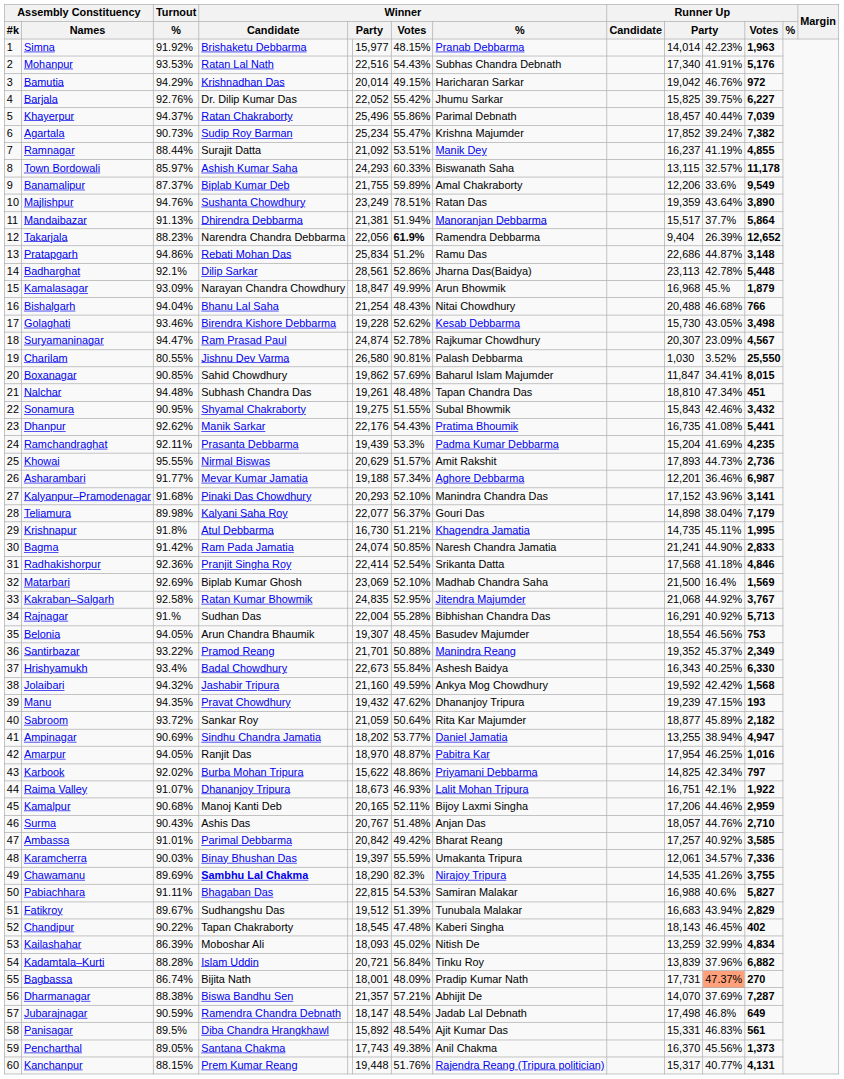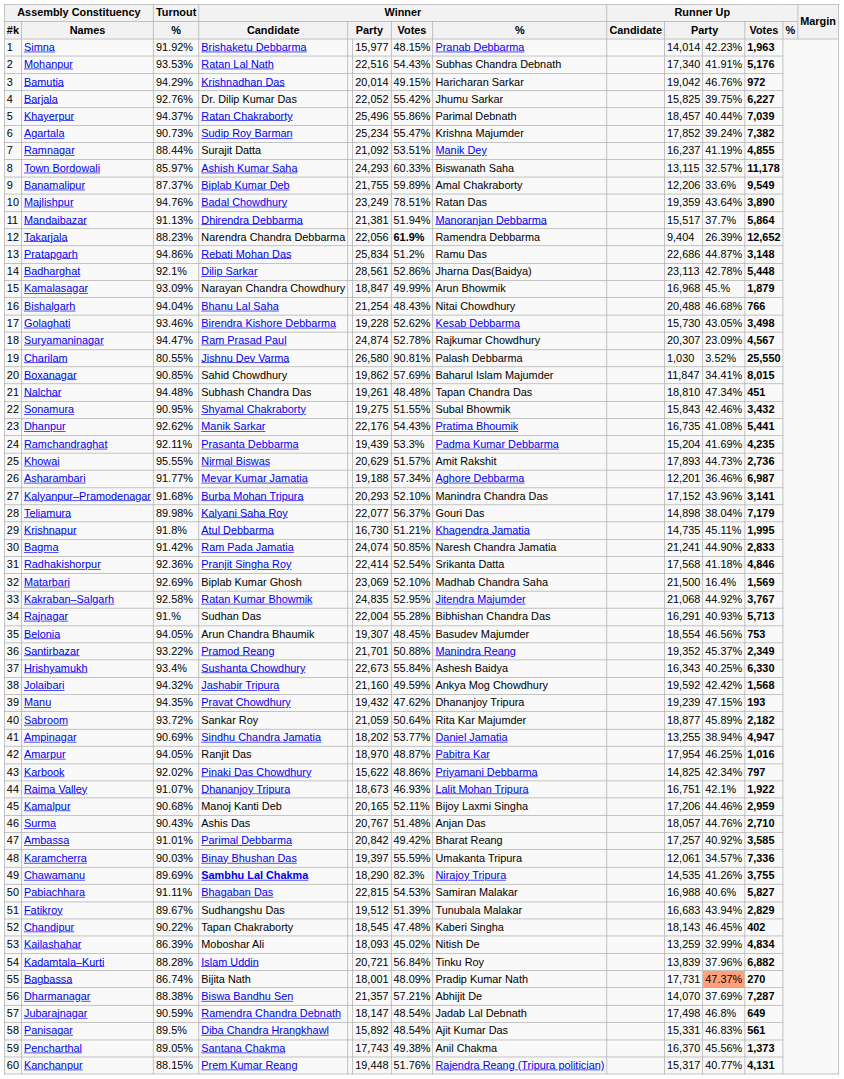 <table class="wikitable sortable">
 <tr>
 <th colspan="2">Assembly Constituency</th>
 <th>Turnout</th>
 <th colspan="5">Winner</th>
 <th colspan="5">Runner Up</th>
 <th rowspan="2" data-sort-type=number>Margin</th>
 </tr>
 <tr>
 <th>#k</th>
 <th>Names</th>
 <th>%</th>
 <th>Candidate</th>
 <th colspan="2">Party</th>
 <th data-sort-type=number>Votes</th>
 <th>%</th>
 <th>Candidate</th>
 <th colspan="2">Party</th>
 <th data-sort-type=number>Votes</th>
 <th>%</th>
 </tr>
 <tr>
 <td>1</td>
 <td><a href='#'>Simna</a></td>
 <td>91.92%</td>
 <td><a href='#'>Brishaketu Debbarma</a></td>
 <td></td>
 <td>15,977</td>
 <td>48.15%</td>
 <td><a href='#'>Pranab Debbarma</a></td>
 <td></td>
 <td>14,014</td>
 <td>42.23%</td>
 <td style="background:"><span><strong>1,963</strong></span></td>
 </tr>
 <tr>
 <td>2</td>
 <td><a href='#'>Mohanpur</a></td>
 <td>93.53%</td>
 <td><a href='#'>Ratan Lal Nath</a></td>
 <td></td>
 <td>22,516</td>
 <td>54.43%</td>
 <td>Subhas Chandra Debnath</td>
 <td></td>
 <td>17,340</td>
 <td>41.91%</td>
 <td style="background:"><span><strong>5,176</strong></span></td>
 </tr>
 <tr>
 <td>3</td>
 <td><a href='#'>Bamutia</a></td>
 <td>94.29%</td>
 <td><a href='#'>Krishnadhan Das</a></td>
 <td></td>
 <td>20,014</td>
 <td>49.15%</td>
 <td>Haricharan Sarkar</td>
 <td></td>
 <td>19,042</td>
 <td>46.76%</td>
 <td style="background:"><span><strong>972</strong></span></td>
 </tr>
 <tr>
 <td>4</td>
 <td><a href='#'>Barjala</a></td>
 <td>92.76%</td>
 <td>Dr. Dilip Kumar Das</td>
 <td></td>
 <td>22,052</td>
 <td>55.42%</td>
 <td>Jhumu Sarkar</td>
 <td></td>
 <td>15,825</td>
 <td>39.75%</td>
 <td style="background:"><span><strong>6,227</strong></span></td>
 </tr>
 <tr>
 <td>5</td>
 <td><a href='#'>Khayerpur</a></td>
 <td>94.37%</td>
 <td><a href='#'>Ratan Chakraborty</a></td>
 <td></td>
 <td>25,496</td>
 <td>55.86%</td>
 <td>Parimal Debnath</td>
 <td></td>
 <td>18,457</td>
 <td>40.44%</td>
 <td style="background:"><span><strong>7,039</strong></span></td>
 </tr>
 <tr>
 <td>6</td>
 <td><a href='#'>Agartala</a></td>
 <td>90.73%</td>
 <td><a href='#'>Sudip Roy Barman</a></td>
 <td></td>
 <td>25,234</td>
 <td>55.47%</td>
 <td>Krishna Majumder</td>
 <td></td>
 <td>17,852</td>
 <td>39.24%</td>
 <td style="background:"><span><strong>7,382</strong></span></td>
 </tr>
 <tr>
 <td>7</td>
 <td><a href='#'>Ramnagar</a></td>
 <td>88.44%</td>
 <td>Surajit Datta</td>
 <td></td>
 <td>21,092</td>
 <td>53.51%</td>
 <td><a href='#'>Manik Dey</a></td>
 <td></td>
 <td>16,237</td>
 <td>41.19%</td>
 <td style="background:"><span><strong>4,855</strong></span></td>
 </tr>
 <tr>
 <td>8</td>
 <td><a href='#'>Town Bordowali</a></td>
 <td>85.97%</td>
 <td><a href='#'>Ashish Kumar Saha</a></td>
 <td></td>
 <td>24,293</td>
 <td>60.33%</td>
 <td>Biswanath Saha</td>
 <td></td>
 <td>13,115</td>
 <td>32.57%</td>
 <td style="background:"><span><strong>11,178</strong></span></td>
 </tr>
 <tr>
 <td>9</td>
 <td><a href='#'>Banamalipur</a></td>
 <td>87.37%</td>
 <td><a href='#'>Biplab Kumar Deb</a></td>
 <td></td>
 <td>21,755</td>
 <td>59.89%</td>
 <td>Amal Chakraborty</td>
 <td></td>
 <td>12,206</td>
 <td>33.6%</td>
 <td style="background:"><span><strong>9,549</strong></span></td>
 </tr>
 <tr>
 <td>10</td>
 <td><a href='#'>Majlishpur</a></td>
 <td>94.76%</td>
-<td><a href='#'>Sushanta Chowdhury</a></td>
+<td><a href='#'>Badal Chowdhury</a></td>
 <td></td>
 <td>23,249</td>
 <td>78.51%</td>
 <td>Ratan Das</td>
 <td></td>
 <td>19,359</td>
 <td>43.64%</td>
 <td style="background:"><span><strong>3,890</strong></span></td>
 </tr>
 <tr>
 <td>11</td>
 <td><a href='#'>Mandaibazar</a></td>
 <td>91.13%</td>
 <td><a href='#'>Dhirendra Debbarma</a></td>
 <td></td>
 <td>21,381</td>
 <td>51.94%</td>
 <td><a href='#'>Manoranjan Debbarma</a></td>
 <td></td>
 <td>15,517</td>
 <td>37.7%</td>
 <td style="background:"><span><strong>5,864</strong></span></td>
 </tr>
 <tr>
 <td>12</td>
 <td><a href='#'>Takarjala</a></td>
 <td>88.23%</td>
 <td>Narendra Chandra Debbarma</td>
 <td></td>
 <td>22,056</td>
 <td><strong>61.9%</strong></td>
 <td>Ramendra Debbarma</td>
 <td></td>
 <td>9,404</td>
 <td>26.39%</td>
 <td style="background:"><span><strong>12,652</strong></span></td>
 </tr>
 <tr>
 <td>13</td>
 <td><a href='#'>Pratapgarh</a></td>
 <td>94.86%</td>
 <td><a href='#'>Rebati Mohan Das</a></td>
 <td></td>
 <td>25,834</td>
 <td>51.2%</td>
 <td>Ramu Das</td>
 <td></td>
 <td>22,686</td>
 <td>44.87%</td>
 <td style="background:"><span><strong>3,148</strong></span></td>
 </tr>
 <tr>
 <td>14</td>
 <td><a href='#'>Badharghat</a></td>
 <td>92.1%</td>
 <td><a href='#'>Dilip Sarkar</a></td>
 <td></td>
 <td>28,561</td>
 <td>52.86%</td>
 <td>Jharna Das(Baidya)</td>
 <td></td>
 <td>23,113</td>
 <td>42.78%</td>
 <td style="background:"><span><strong>5,448</strong></span></td>
 </tr>
 <tr>
 <td>15</td>
 <td><a href='#'>Kamalasagar</a></td>
 <td>93.09%</td>
 <td>Narayan Chandra Chowdhury</td>
 <td></td>
 <td>18,847</td>
 <td>49.99%</td>
 <td>Arun Bhowmik</td>
 <td></td>
 <td>16,968</td>
 <td>45.%</td>
 <td style="background:"><span><strong>1,879</strong></span></td>
 </tr>
 <tr>
 <td>16</td>
 <td><a href='#'>Bishalgarh</a></td>
 <td>94.04%</td>
 <td><a href='#'>Bhanu Lal Saha</a></td>
 <td></td>
 <td>21,254</td>
 <td>48.43%</td>
 <td>Nitai Chowdhury</td>
 <td></td>
 <td>20,488</td>
 <td>46.68%</td>
 <td style="background:"><span><strong>766</strong></span></td>
 </tr>
 <tr>
 <td>17</td>
 <td><a href='#'>Golaghati</a></td>
 <td>93.46%</td>
 <td><a href='#'>Birendra Kishore Debbarma</a></td>
 <td></td>
 <td>19,228</td>
 <td>52.62%</td>
 <td><a href='#'>Kesab Debbarma</a></td>
 <td></td>
 <td>15,730</td>
 <td>43.05%</td>
 <td style="background:"><span><strong>3,498</strong></span></td>
 </tr>
 <tr>
 <td>18</td>
 <td><a href='#'>Suryamaninagar</a></td>
 <td>94.47%</td>
 <td><a href='#'>Ram Prasad Paul</a></td>
 <td></td>
 <td>24,874</td>
 <td>52.78%</td>
 <td>Rajkumar Chowdhury</td>
 <td></td>
 <td>20,307</td>
 <td>23.09%</td>
 <td style="background:"><span><strong>4,567</strong></span></td>
 </tr>
 <tr>
 <td>19</td>
 <td><a href='#'>Charilam</a></td>
 <td>80.55%</td>
 <td><a href='#'>Jishnu Dev Varma</a></td>
 <td></td>
 <td>26,580</td>
 <td>90.81%</td>
 <td>Palash Debbarma</td>
 <td></td>
 <td>1,030</td>
 <td>3.52%</td>
 <td style="background:"><span><strong>25,550</strong></span></td>
 </tr>
 <tr>
 <td>20</td>
 <td><a href='#'>Boxanagar</a></td>
 <td>90.85%</td>
 <td>Sahid Chowdhury</td>
 <td></td>
 <td>19,862</td>
 <td>57.69%</td>
 <td>Baharul Islam Majumder</td>
 <td></td>
 <td>11,847</td>
 <td>34.41%</td>
 <td style="background:"><span><strong>8,015</strong></span></td>
 </tr>
 <tr>
 <td>21</td>
 <td><a href='#'>Nalchar</a></td>
 <td>94.48%</td>
 <td>Subhash Chandra Das</td>
 <td></td>
 <td>19,261</td>
 <td>48.48%</td>
 <td>Tapan Chandra Das</td>
 <td></td>
 <td>18,810</td>
 <td>47.34%</td>
 <td style="background:"><span><strong>451</strong></span></td>
 </tr>
 <tr>
 <td>22</td>
 <td><a href='#'>Sonamura</a></td>
 <td>90.95%</td>
 <td><a href='#'>Shyamal Chakraborty</a></td>
 <td></td>
 <td>19,275</td>
 <td>51.55%</td>
 <td>Subal Bhowmik</td>
 <td></td>
 <td>15,843</td>
 <td>42.46%</td>
 <td style="background:"><span><strong>3,432</strong></span></td>
 </tr>
 <tr>
 <td>23</td>
 <td><a href='#'>Dhanpur</a></td>
 <td>92.62%</td>
 <td><a href='#'>Manik Sarkar</a></td>
 <td></td>
 <td>22,176</td>
 <td>54.43%</td>
 <td><a href='#'>Pratima Bhoumik</a></td>
 <td></td>
 <td>16,735</td>
 <td>41.08%</td>
 <td style="background:"><span><strong>5,441</strong></span></td>
 </tr>
 <tr>
 <td>24</td>
 <td><a href='#'>Ramchandraghat</a></td>
 <td>92.11%</td>
 <td><a href='#'>Prasanta Debbarma</a></td>
 <td></td>
 <td>19,439</td>
 <td>53.3%</td>
 <td><a href='#'>Padma Kumar Debbarma</a></td>
 <td></td>
 <td>15,204</td>
 <td>41.69%</td>
 <td style="background:"><span><strong>4,235</strong></span></td>
 </tr>
 <tr>
 <td>25</td>
 <td><a href='#'>Khowai</a></td>
 <td>95.55%</td>
 <td><a href='#'>Nirmal Biswas</a></td>
 <td></td>
 <td>20,629</td>
 <td>51.57%</td>
 <td>Amit Rakshit</td>
 <td></td>
 <td>17,893</td>
 <td>44.73%</td>
 <td style="background:"><span><strong>2,736</strong></span></td>
 </tr>
 <tr>
 <td>26</td>
 <td><a href='#'>Asharambari</a></td>
 <td>91.77%</td>
 <td><a href='#'>Mevar Kumar Jamatia</a></td>
 <td></td>
 <td>19,188</td>
 <td>57.34%</td>
 <td><a href='#'>Aghore Debbarma</a></td>
 <td></td>
 <td>12,201</td>
 <td>36.46%</td>
 <td style="background:"><span><strong>6,987</strong></span></td>
 </tr>
 <tr>
 <td>27</td>
 <td><a href='#'>Kalyanpur–Pramodenagar</a></td>
 <td>91.68%</td>
-<td><a href='#'>Pinaki Das Chowdhury</a></td>
+<td><a href='#'>Burba Mohan Tripura</a></td>
 <td></td>
 <td>20,293</td>
 <td>52.10%</td>
 <td>Manindra Chandra Das</td>
 <td></td>
 <td>17,152</td>
 <td>43.96%</td>
 <td style="background:"><span><strong>3,141</strong></span></td>
 </tr>
 <tr>
 <td>28</td>
 <td><a href='#'>Teliamura</a></td>
 <td>89.98%</td>
 <td><a href='#'>Kalyani Saha Roy</a></td>
 <td></td>
 <td>22,077</td>
 <td>56.37%</td>
 <td>Gouri Das</td>
 <td></td>
 <td>14,898</td>
 <td>38.04%</td>
 <td style="background:"><span><strong>7,179</strong></span></td>
 </tr>
 <tr>
 <td>29</td>
 <td><a href='#'>Krishnapur</a></td>
 <td>91.8%</td>
 <td><a href='#'>Atul Debbarma</a></td>
 <td></td>
 <td>16,730</td>
 <td>51.21%</td>
 <td><a href='#'>Khagendra Jamatia</a></td>
 <td></td>
 <td>14,735</td>
 <td>45.11%</td>
 <td style="background:"><span><strong>1,995</strong></span></td>
 </tr>
 <tr>
 <td>30</td>
 <td><a href='#'>Bagma</a></td>
 <td>91.42%</td>
 <td><a href='#'>Ram Pada Jamatia</a></td>
 <td></td>
 <td>24,074</td>
 <td>50.85%</td>
 <td>Naresh Chandra Jamatia</td>
 <td></td>
 <td>21,241</td>
 <td>44.90%</td>
 <td style="background:"><span><strong>2,833</strong></span></td>
 </tr>
 <tr>
 <td>31</td>
 <td><a href='#'>Radhakishorpur</a></td>
 <td>92.36%</td>
 <td><a href='#'>Pranjit Singha Roy</a></td>
 <td></td>
 <td>22,414</td>
 <td>52.54%</td>
 <td>Srikanta Datta</td>
 <td></td>
 <td>17,568</td>
 <td>41.18%</td>
 <td style="background:"><span><strong>4,846</strong></span></td>
 </tr>
 <tr>
 <td>32</td>
 <td><a href='#'>Matarbari</a></td>
 <td>92.69%</td>
 <td>Biplab Kumar Ghosh</td>
 <td></td>
 <td>23,069</td>
 <td>52.10%</td>
 <td>Madhab Chandra Saha</td>
 <td></td>
 <td>21,500</td>
 <td>16.4%</td>
 <td style="background:"><span><strong>1,569</strong></span></td>
 </tr>
 <tr>
 <td>33</td>
 <td><a href='#'>Kakraban–Salgarh</a></td>
 <td>92.58%</td>
 <td><a href='#'>Ratan Kumar Bhowmik</a></td>
 <td></td>
 <td>24,835</td>
 <td>52.95%</td>
 <td><a href='#'>Jitendra Majumder</a></td>
 <td></td>
 <td>21,068</td>
 <td>44.92%</td>
 <td style="background:"><span><strong>3,767</strong></span></td>
 </tr>
 <tr>
 <td>34</td>
 <td><a href='#'>Rajnagar</a></td>
 <td>91.%</td>
 <td>Sudhan Das</td>
 <td></td>
 <td>22,004</td>
 <td>55.28%</td>
 <td>Bibhishan Chandra Das</td>
 <td></td>
 <td>16,291</td>
-<td>40.92%</td>
+<td>40.93%</td>
 <td style="background:"><span><strong>5,713</strong></span></td>
 </tr>
 <tr>
 <td>35</td>
 <td><a href='#'>Belonia</a></td>
 <td>94.05%</td>
 <td>Arun Chandra Bhaumik</td>
 <td></td>
 <td>19,307</td>
 <td>48.45%</td>
 <td>Basudev Majumder</td>
 <td></td>
 <td>18,554</td>
 <td>46.56%</td>
 <td style="background:"><span><strong>753</strong></span></td>
 </tr>
 <tr>
 <td>36</td>
 <td><a href='#'>Santirbazar</a></td>
 <td>93.22%</td>
 <td><a href='#'>Pramod Reang</a></td>
 <td></td>
 <td>21,701</td>
 <td>50.88%</td>
 <td><a href='#'>Manindra Reang</a></td>
 <td></td>
 <td>19,352</td>
 <td>45.37%</td>
 <td style="background:"><span><strong>2,349</strong></span></td>
 </tr>
 <tr>
 <td>37</td>
 <td><a href='#'>Hrishyamukh</a></td>
 <td>93.4%</td>
-<td><a href='#'>Badal Chowdhury</a></td>
+<td><a href='#'>Sushanta Chowdhury</a></td>
 <td></td>
 <td>22,673</td>
 <td>55.84%</td>
 <td>Ashesh Baidya</td>
 <td></td>
 <td>16,343</td>
 <td>40.25%</td>
 <td style="background:"><span><strong>6,330</strong></span></td>
 </tr>
 <tr>
 <td>38</td>
 <td><a href='#'>Jolaibari</a></td>
 <td>94.32%</td>
 <td><a href='#'>Jashabir Tripura</a></td>
 <td></td>
 <td>21,160</td>
 <td>49.59%</td>
 <td>Ankya Mog Chowdhury</td>
 <td></td>
 <td>19,592</td>
 <td>42.42%</td>
 <td style="background:"><span><strong>1,568</strong></span></td>
 </tr>
 <tr>
 <td>39</td>
 <td><a href='#'>Manu</a></td>
 <td>94.35%</td>
 <td><a href='#'>Pravat Chowdhury</a></td>
 <td></td>
 <td>19,432</td>
 <td>47.62%</td>
 <td>Dhananjoy Tripura</td>
 <td></td>
 <td>19,239</td>
 <td>47.15%</td>
 <td style="background:"><span><strong>193</strong></span></td>
 </tr>
 <tr>
 <td>40</td>
 <td><a href='#'>Sabroom</a></td>
 <td>93.72%</td>
 <td>Sankar Roy</td>
 <td></td>
 <td>21,059</td>
 <td>50.64%</td>
 <td>Rita Kar Majumder</td>
 <td></td>
 <td>18,877</td>
 <td>45.89%</td>
 <td style="background:"><span><strong>2,182</strong></span></td>
 </tr>
 <tr>
 <td>41</td>
 <td><a href='#'>Ampinagar</a></td>
 <td>90.69%</td>
 <td><a href='#'>Sindhu Chandra Jamatia</a></td>
 <td></td>
 <td>18,202</td>
 <td>53.77%</td>
 <td><a href='#'>Daniel Jamatia</a></td>
 <td></td>
 <td>13,255</td>
 <td>38.94%</td>
 <td style="background:"><span><strong>4,947</strong></span></td>
 </tr>
 <tr>
 <td>42</td>
 <td><a href='#'>Amarpur</a></td>
 <td>94.05%</td>
 <td>Ranjit Das</td>
 <td></td>
 <td>18,970</td>
 <td>48.87%</td>
 <td><a href='#'>Pabitra Kar</a></td>
 <td></td>
 <td>17,954</td>
 <td>46.25%</td>
 <td style="background:"><span><strong>1,016</strong></span></td>
 </tr>
 <tr>
 <td>43</td>
 <td><a href='#'>Karbook</a></td>
 <td>92.02%</td>
-<td><a href='#'>Burba Mohan Tripura</a></td>
+<td><a href='#'>Pinaki Das Chowdhury</a></td>
 <td></td>
 <td>15,622</td>
 <td>48.86%</td>
 <td><a href='#'>Priyamani Debbarma</a></td>
 <td></td>
 <td>14,825</td>
 <td>42.34%</td>
 <td style="background:"><span><strong>797</strong></span></td>
 </tr>
 <tr>
 <td>44</td>
 <td><a href='#'>Raima Valley</a></td>
 <td>91.07%</td>
 <td><a href='#'>Dhananjoy Tripura</a></td>
 <td></td>
 <td>18,673</td>
 <td>46.93%</td>
 <td><a href='#'>Lalit Mohan Tripura</a></td>
 <td></td>
 <td>16,751</td>
 <td>42.1%</td>
 <td style="background:"><span><strong>1,922</strong></span></td>
 </tr>
 <tr>
 <td>45</td>
 <td><a href='#'>Kamalpur</a></td>
 <td>90.68%</td>
 <td>Manoj Kanti Deb</td>
 <td></td>
 <td>20,165</td>
 <td>52.11%</td>
 <td>Bijoy Laxmi Singha</td>
 <td></td>
 <td>17,206</td>
 <td>44.46%</td>
 <td style="background:"><span><strong>2,959</strong></span></td>
 </tr>
 <tr>
 <td>46</td>
 <td><a href='#'>Surma</a></td>
 <td>90.43%</td>
 <td>Ashis Das</td>
 <td></td>
 <td>20,767</td>
 <td>51.48%</td>
 <td>Anjan Das</td>
 <td></td>
 <td>18,057</td>
 <td>44.76%</td>
 <td style="background:"><span><strong>2,710</strong></span></td>
 </tr>
 <tr>
 <td>47</td>
 <td><a href='#'>Ambassa</a></td>
 <td>91.01%</td>
 <td><a href='#'>Parimal Debbarma</a></td>
 <td></td>
 <td>20,842</td>
 <td>49.42%</td>
 <td>Bharat Reang</td>
 <td></td>
 <td>17,257</td>
 <td>40.92%</td>
 <td style="background:"><span><strong>3,585</strong></span></td>
 </tr>
 <tr>
 <td>48</td>
 <td><a href='#'>Karamcherra</a></td>
 <td>90.03%</td>
 <td><a href='#'>Binay Bhushan Das</a></td>
 <td></td>
 <td>19,397</td>
 <td>55.59%</td>
 <td>Umakanta Tripura</td>
 <td></td>
 <td>12,061</td>
 <td>34.57%</td>
 <td style="background:"><span><strong>7,336</strong></span></td>
 </tr>
 <tr>
 <td>49</td>
 <td><a href='#'>Chawamanu</a></td>
 <td>89.69%</td>
 <td><strong><a href='#'>Sambhu Lal Chakma</a></strong></td>
 <td></td>
 <td>18,290</td>
 <td>82.3%</td>
 <td><a href='#'>Nirajoy Tripura</a></td>
 <td></td>
 <td>14,535</td>
 <td>41.26%</td>
 <td style="background:"><span><strong>3,755</strong></span></td>
 </tr>
 <tr>
 <td>50</td>
 <td><a href='#'>Pabiachhara</a></td>
 <td>91.11%</td>
 <td><a href='#'>Bhagaban Das</a></td>
 <td></td>
 <td>22,815</td>
 <td>54.53%</td>
 <td>Samiran Malakar</td>
 <td></td>
 <td>16,988</td>
 <td>40.6%</td>
 <td style="background:"><span><strong>5,827</strong></span></td>
 </tr>
 <tr>
 <td>51</td>
 <td><a href='#'>Fatikroy</a></td>
 <td>89.67%</td>
 <td>Sudhangshu Das</td>
 <td></td>
 <td>19,512</td>
 <td>51.39%</td>
 <td>Tunubala Malakar</td>
 <td></td>
 <td>16,683</td>
 <td>43.94%</td>
 <td style="background:"><span><strong>2,829</strong></span></td>
 </tr>
 <tr>
 <td>52</td>
 <td><a href='#'>Chandipur</a></td>
 <td>90.22%</td>
 <td>Tapan Chakraborty</td>
 <td></td>
 <td>18,545</td>
 <td>47.48%</td>
 <td>Kaberi Singha</td>
 <td></td>
 <td>18,143</td>
 <td>46.45%</td>
 <td style="background:"><span><strong>402</strong></span></td>
 </tr>
 <tr>
 <td>53</td>
 <td><a href='#'>Kailashahar</a></td>
 <td>86.39%</td>
 <td>Moboshar Ali</td>
 <td></td>
 <td>18,093</td>
 <td>45.02%</td>
 <td>Nitish De</td>
 <td></td>
 <td>13,259</td>
 <td>32.99%</td>
 <td style="background:"><span><strong>4,834</strong></span></td>
 </tr>
 <tr>
 <td>54</td>
 <td><a href='#'>Kadamtala–Kurti</a></td>
 <td>88.28%</td>
 <td><a href='#'>Islam Uddin</a></td>
 <td></td>
 <td>20,721</td>
 <td>56.84%</td>
 <td>Tinku Roy</td>
 <td></td>
 <td>13,839</td>
 <td>37.96%</td>
 <td style="background:"><span><strong>6,882</strong></span></td>
 </tr>
 <tr>
 <td>55</td>
 <td><a href='#'>Bagbassa</a></td>
 <td>86.74%</td>
 <td>Bijita Nath</td>
 <td></td>
 <td>18,001</td>
 <td>48.09%</td>
 <td>Pradip Kumar Nath</td>
 <td></td>
 <td>17,731</td>
 <td style="background: lightsalmon;">47.37%</td>
 <td style="background:"><span><strong>270</strong></span></td>
 </tr>
 <tr>
 <td>56</td>
 <td><a href='#'>Dharmanagar</a></td>
 <td>88.38%</td>
 <td><a href='#'>Biswa Bandhu Sen</a></td>
 <td></td>
 <td>21,357</td>
 <td>57.21%</td>
 <td>Abhijit De</td>
 <td></td>
 <td>14,070</td>
 <td>37.69%</td>
 <td style="background:"><span><strong>7,287</strong></span></td>
 </tr>
 <tr>
 <td>57</td>
 <td><a href='#'>Jubarajnagar</a></td>
 <td>90.59%</td>
 <td><a href='#'>Ramendra Chandra Debnath</a></td>
 <td></td>
 <td>18,147</td>
 <td>48.54%</td>
 <td>Jadab Lal Debnath</td>
 <td></td>
 <td>17,498</td>
 <td>46.8%</td>
 <td style="background:"><span><strong>649</strong></span></td>
 </tr>
 <tr>
 <td>58</td>
 <td><a href='#'>Panisagar</a></td>
 <td>89.5%</td>
 <td><a href='#'>Diba Chandra Hrangkhawl</a></td>
 <td></td>
 <td>15,892</td>
 <td>48.54%</td>
 <td>Ajit Kumar Das</td>
 <td></td>
 <td>15,331</td>
 <td>46.83%</td>
 <td style="background:"><span><strong>561</strong></span></td>
 </tr>
 <tr>
 <td>59</td>
 <td><a href='#'>Pencharthal</a></td>
 <td>89.05%</td>
 <td><a href='#'>Santana Chakma</a></td>
 <td></td>
 <td>17,743</td>
 <td>49.38%</td>
 <td>Anil Chakma</td>
 <td></td>
 <td>16,370</td>
 <td>45.56%</td>
 <td style="background:"><span><strong>1,373</strong></span></td>
 </tr>
 <tr>
 <td>60</td>
 <td><a href='#'>Kanchanpur</a></td>
 <td>88.15%</td>
 <td><a href='#'>Prem Kumar Reang</a></td>
 <td></td>
 <td>19,448</td>
 <td>51.76%</td>
 <td><a href='#'>Rajendra Reang (Tripura politician)</a></td>
 <td></td>
 <td>15,317</td>
 <td>40.77%</td>
 <td style="background:"><span><strong>4,131</strong></span></td>
 </tr>
 </table>
